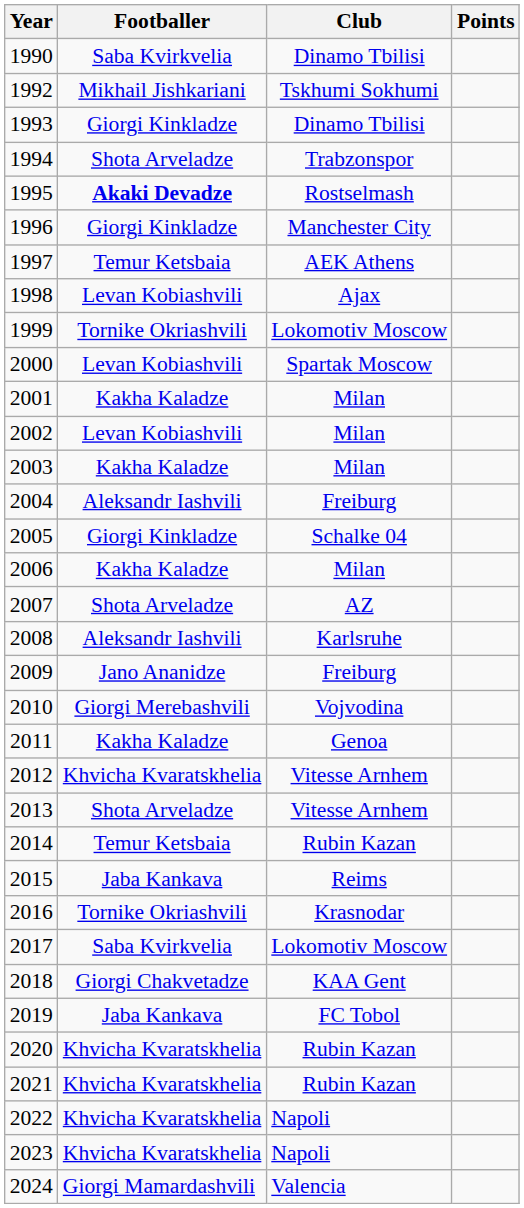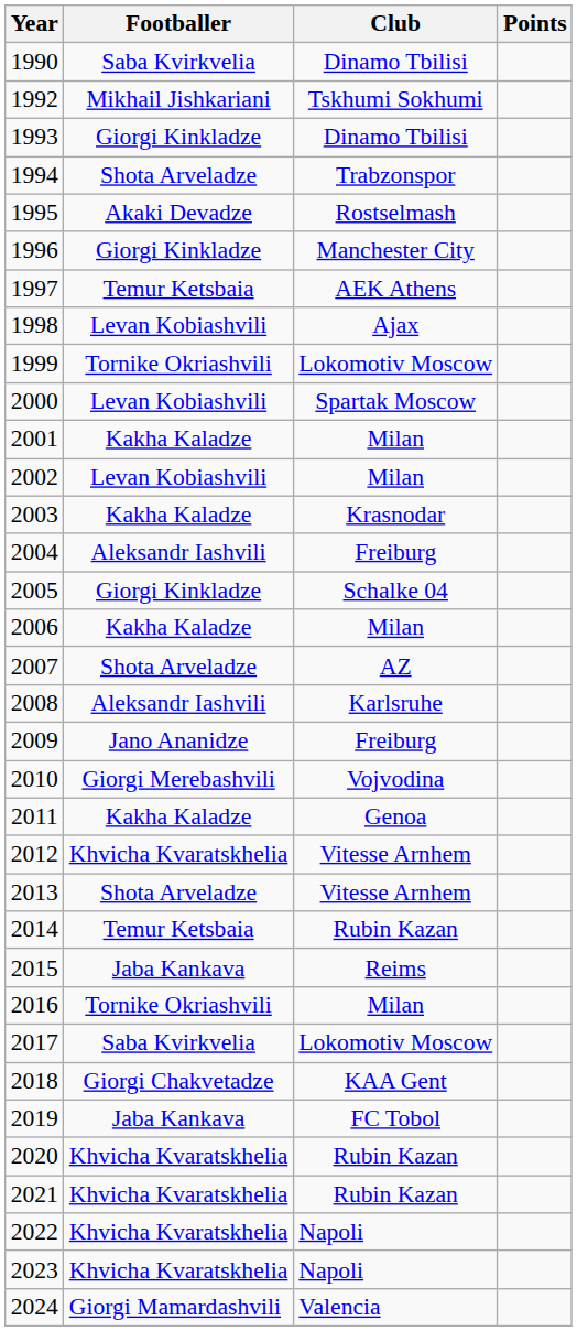 <table class="wikitable" | border="1" cellspacing="0" cellpadding="4“">
 <tr>
 <th>Year</th>
 <th>Footballer</th>
 <th>Club</th>
 <th>Points</th>
 </tr>
 <tr align="center">
 <td>1990</td>
 <td><a href='#'>Saba Kvirkvelia</a></td>
 <td> <a href='#'>Dinamo Tbilisi</a></td>
 <td></td>
 </tr>
 <tr align="center">
 <td>1992</td>
 <td><a href='#'>Mikhail Jishkariani</a></td>
 <td> <a href='#'>Tskhumi Sokhumi</a></td>
 <td></td>
 </tr>
 <tr align="center">
 <td>1993</td>
 <td><a href='#'>Giorgi Kinkladze</a></td>
 <td> <a href='#'>Dinamo Tbilisi</a></td>
 <td></td>
 </tr>
 <tr align="center">
 <td>1994</td>
 <td><a href='#'>Shota Arveladze</a></td>
 <td> <a href='#'>Trabzonspor</a></td>
 <td></td>
 </tr>
 <tr align="center">
 <td>1995</td>
-<td><strong><a href='#'>Akaki Devadze</a></strong></td>
+<td><a href='#'>Akaki Devadze</a></td>
 <td> <a href='#'>Rostselmash</a></td>
 <td></td>
 </tr>
 <tr align="center">
 <td>1996</td>
 <td><a href='#'>Giorgi Kinkladze</a></td>
 <td> <a href='#'>Manchester City</a></td>
 <td></td>
 </tr>
 <tr align="center">
 <td>1997</td>
 <td><a href='#'>Temur Ketsbaia</a></td>
 <td> <a href='#'>AEK Athens</a></td>
 <td></td>
 </tr>
 <tr align="center">
 <td>1998</td>
 <td><a href='#'>Levan Kobiashvili</a></td>
 <td> <a href='#'>Ajax</a></td>
 <td></td>
 </tr>
 <tr align="center">
 <td>1999</td>
 <td><a href='#'>Tornike Okriashvili</a></td>
 <td> <a href='#'>Lokomotiv Moscow</a></td>
 <td></td>
 </tr>
 <tr align="center">
 <td>2000</td>
 <td><a href='#'>Levan Kobiashvili</a></td>
 <td> <a href='#'>Spartak Moscow</a></td>
 <td></td>
 </tr>
 <tr align="center">
 <td>2001</td>
 <td><a href='#'>Kakha Kaladze</a></td>
 <td> <a href='#'>Milan</a></td>
 <td></td>
 </tr>
 <tr align="center">
 <td>2002</td>
 <td><a href='#'>Levan Kobiashvili</a></td>
 <td> <a href='#'>Milan</a></td>
 <td></td>
 </tr>
 <tr align="center">
 <td>2003</td>
 <td><a href='#'>Kakha Kaladze</a></td>
-<td> <a href='#'>Milan</a></td>
+<td> <a href='#'>Krasnodar</a></td>
 <td></td>
 </tr>
 <tr align="center">
 <td>2004</td>
 <td><a href='#'>Aleksandr Iashvili</a></td>
 <td> <a href='#'>Freiburg</a></td>
 <td></td>
 </tr>
 <tr align="center">
 <td>2005</td>
 <td><a href='#'>Giorgi Kinkladze</a></td>
 <td> <a href='#'>Schalke 04</a></td>
 <td></td>
 </tr>
 <tr align="center">
 <td>2006</td>
 <td><a href='#'>Kakha Kaladze</a></td>
 <td> <a href='#'>Milan</a></td>
 <td></td>
 </tr>
 <tr align="center">
 <td>2007</td>
 <td><a href='#'>Shota Arveladze</a></td>
 <td> <a href='#'>AZ</a></td>
 <td></td>
 </tr>
 <tr align="center">
 <td>2008</td>
 <td><a href='#'>Aleksandr Iashvili</a></td>
 <td> <a href='#'>Karlsruhe</a></td>
 <td></td>
 </tr>
 <tr align="center">
 <td>2009</td>
 <td><a href='#'>Jano Ananidze</a></td>
 <td> <a href='#'>Freiburg</a></td>
 <td></td>
 </tr>
 <tr align="center">
 <td>2010</td>
 <td><a href='#'>Giorgi Merebashvili</a></td>
 <td> <a href='#'>Vojvodina</a></td>
 <td></td>
 </tr>
 <tr align="center">
 <td>2011</td>
 <td><a href='#'>Kakha Kaladze</a></td>
 <td> <a href='#'>Genoa</a></td>
 <td></td>
 </tr>
 <tr align="center">
 <td>2012</td>
 <td><a href='#'>Khvicha Kvaratskhelia</a></td>
 <td> <a href='#'>Vitesse Arnhem</a></td>
 <td></td>
 </tr>
 <tr align="center">
 <td>2013</td>
 <td><a href='#'>Shota Arveladze</a></td>
 <td> <a href='#'>Vitesse Arnhem</a></td>
 <td></td>
 </tr>
 <tr align="center">
 <td>2014</td>
 <td><a href='#'>Temur Ketsbaia</a></td>
 <td> <a href='#'>Rubin Kazan</a></td>
 <td></td>
 </tr>
 <tr align="center">
 <td>2015</td>
 <td><a href='#'>Jaba Kankava</a></td>
 <td> <a href='#'>Reims</a></td>
 <td></td>
 </tr>
 <tr align="center">
 <td>2016</td>
 <td><a href='#'>Tornike Okriashvili</a></td>
-<td> <a href='#'>Krasnodar</a></td>
+<td> <a href='#'>Milan</a></td>
 <td></td>
 </tr>
 <tr align="center">
 <td>2017</td>
 <td><a href='#'>Saba Kvirkvelia</a></td>
 <td> <a href='#'>Lokomotiv Moscow</a></td>
 <td></td>
 </tr>
 <tr align="center">
 <td>2018</td>
 <td><a href='#'>Giorgi Chakvetadze</a></td>
 <td> <a href='#'>KAA Gent</a></td>
 <td></td>
 </tr>
 <tr align="center">
 <td>2019</td>
 <td><a href='#'>Jaba Kankava</a></td>
 <td> <a href='#'>FC Tobol</a></td>
 <td></td>
 </tr>
 <tr align="center">
 <td>2020</td>
 <td><a href='#'>Khvicha Kvaratskhelia</a></td>
 <td> <a href='#'>Rubin Kazan</a></td>
 <td></td>
 </tr>
 <tr align="center">
 <td>2021</td>
 <td><a href='#'>Khvicha Kvaratskhelia</a></td>
 <td> <a href='#'>Rubin Kazan</a></td>
 <td></td>
 </tr>
 <tr -align="center">
 <td>2022</td>
 <td><a href='#'>Khvicha Kvaratskhelia</a></td>
 <td> <a href='#'>Napoli</a></td>
 <td></td>
 </tr>
 <tr -align="center">
 <td>2023</td>
 <td><a href='#'>Khvicha Kvaratskhelia</a></td>
 <td> <a href='#'>Napoli</a></td>
 <td></td>
 </tr>
 <tr -align="center">
 <td>2024</td>
 <td><a href='#'>Giorgi Mamardashvili</a></td>
 <td> <a href='#'>Valencia</a></td>
 <td></td>
 </tr>
 </table>
